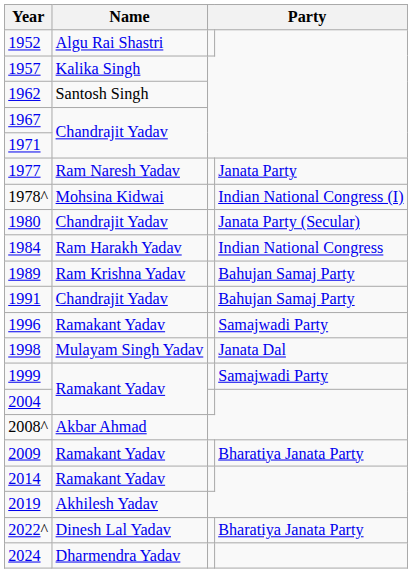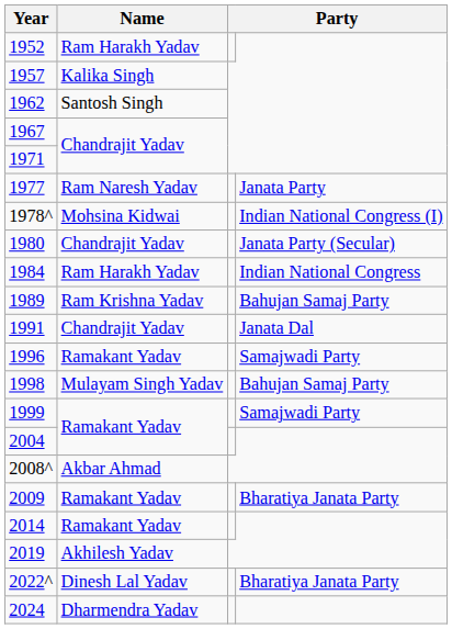 <table class="wikitable sortable">
 <tr>
 <th>Year</th>
 <th>Name</th>
 <th colspan="2">Party</th>
 </tr>
 <tr>
 <td><a href='#'>1952</a></td>
-<td><a href='#'>Algu Rai Shastri</a></td>
+<td><a href='#'>Ram Harakh Yadav</a></td>
 <td></td>
 </tr>
 <tr>
 <td><a href='#'>1957</a></td>
 <td><a href='#'>Kalika Singh</a></td>
 </tr>
 <tr>
 <td><a href='#'>1962</a></td>
 <td>Santosh Singh</td>
 </tr>
 <tr>
 <td><a href='#'>1967</a></td>
 <td rowspan="2"><a href='#'>Chandrajit Yadav</a></td>
 </tr>
 <tr>
 <td><a href='#'>1971</a></td>
 </tr>
 <tr>
 <td><a href='#'>1977</a></td>
 <td><a href='#'>Ram Naresh Yadav</a></td>
 <td rowspan="1" style="background-color: "></td>
 <td><a href='#'>Janata Party</a></td>
 </tr>
 <tr>
 <td>1978^</td>
 <td><a href='#'>Mohsina Kidwai</a></td>
 <td rowspan="1" style="background-color: "></td>
 <td><a href='#'>Indian National Congress (I)</a></td>
 </tr>
 <tr>
 <td><a href='#'>1980</a></td>
 <td><a href='#'>Chandrajit Yadav</a></td>
 <td rowspan="1" style="background-color: "></td>
 <td><a href='#'>Janata Party (Secular)</a></td>
 </tr>
 <tr>
 <td><a href='#'>1984</a></td>
 <td><a href='#'>Ram Harakh Yadav</a></td>
 <td rowspan="1" style="background-color: "></td>
 <td><a href='#'>Indian National Congress</a></td>
 </tr>
 <tr>
 <td><a href='#'>1989</a></td>
 <td><a href='#'>Ram Krishna Yadav</a></td>
 <td rowspan="1" style="background-color: "></td>
 <td><a href='#'>Bahujan Samaj Party</a></td>
 </tr>
 <tr>
 <td><a href='#'>1991</a></td>
 <td><a href='#'>Chandrajit Yadav</a></td>
 <td rowspan="1" style="background-color: "></td>
-<td><a href='#'>Bahujan Samaj Party</a></td>
+<td><a href='#'>Janata Dal</a></td>
 </tr>
 <tr>
 <td><a href='#'>1996</a></td>
 <td><a href='#'>Ramakant Yadav</a></td>
 <td rowspan="1" style="background-color: "></td>
 <td><a href='#'>Samajwadi Party</a></td>
 </tr>
 <tr>
 <td><a href='#'>1998</a></td>
 <td><a href='#'>Mulayam Singh Yadav</a></td>
 <td rowspan="1" style="background-color: "></td>
-<td><a href='#'>Janata Dal</a></td>
+<td><a href='#'>Bahujan Samaj Party</a></td>
 </tr>
 <tr>
 <td><a href='#'>1999</a></td>
 <td rowspan="2"><a href='#'>Ramakant Yadav</a></td>
 <td rowspan="1" style="background-color: "></td>
 <td><a href='#'>Samajwadi Party</a></td>
 </tr>
 <tr>
 <td><a href='#'>2004</a></td>
 <td></td>
 </tr>
 <tr>
 <td>2008^</td>
 <td><a href='#'>Akbar Ahmad</a></td>
 </tr>
 <tr>
 <td><a href='#'>2009</a></td>
 <td><a href='#'>Ramakant Yadav</a></td>
 <td rowspan="1" style="background-color: "></td>
 <td><a href='#'>Bharatiya Janata Party</a></td>
 </tr>
 <tr>
 <td><a href='#'>2014</a></td>
 <td><a href='#'>Ramakant Yadav</a></td>
 <td></td>
 </tr>
 <tr>
 <td><a href='#'>2019</a></td>
 <td><a href='#'>Akhilesh Yadav</a></td>
 </tr>
 <tr>
 <td><a href='#'>2022</a>^</td>
 <td><a href='#'>Dinesh Lal Yadav</a></td>
 <td rowspan="1" style="background-color: "></td>
 <td><a href='#'>Bharatiya Janata Party</a></td>
 </tr>
 <tr>
 <td><a href='#'>2024</a></td>
 <td><a href='#'>Dharmendra Yadav</a></td>
 <td></td>
 </tr>
 </table>
